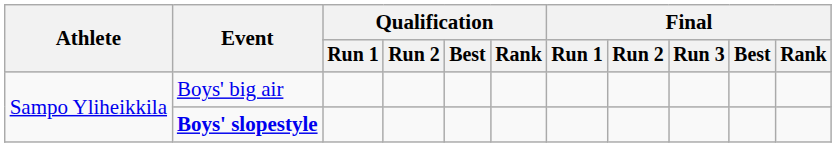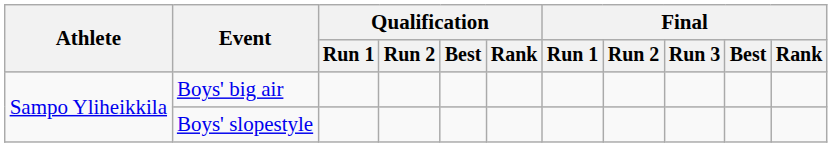 <table class="wikitable" style="font-size:90%">
 <tr>
 <th rowspan=2>Athlete</th>
 <th rowspan=2>Event</th>
 <th colspan=4>Qualification</th>
 <th colspan=5>Final</th>
 </tr>
 <tr style="font-size:95%">
 <th>Run 1</th>
 <th>Run 2</th>
 <th>Best</th>
 <th>Rank</th>
 <th>Run 1</th>
 <th>Run 2</th>
 <th>Run 3</th>
 <th>Best</th>
 <th>Rank</th>
 </tr>
 <tr align=center>
 <td align=left rowspan=2><a href='#'>Sampo Yliheikkila</a></td>
 <td align=left><a href='#'>Boys' big air</a></td>
 <td></td>
 <td></td>
 <td></td>
 <td></td>
 <td></td>
 <td></td>
 <td></td>
 <td></td>
 <td></td>
 </tr>
 <tr>
-<td align=left><strong><a href='#'>Boys' slopestyle</a></strong></td>
+<td align=left><a href='#'>Boys' slopestyle</a></td>
 <td></td>
 <td></td>
 <td></td>
 <td></td>
 <td></td>
 <td></td>
 <td></td>
 <td></td>
 <td></td>
 </tr>
 </table>
